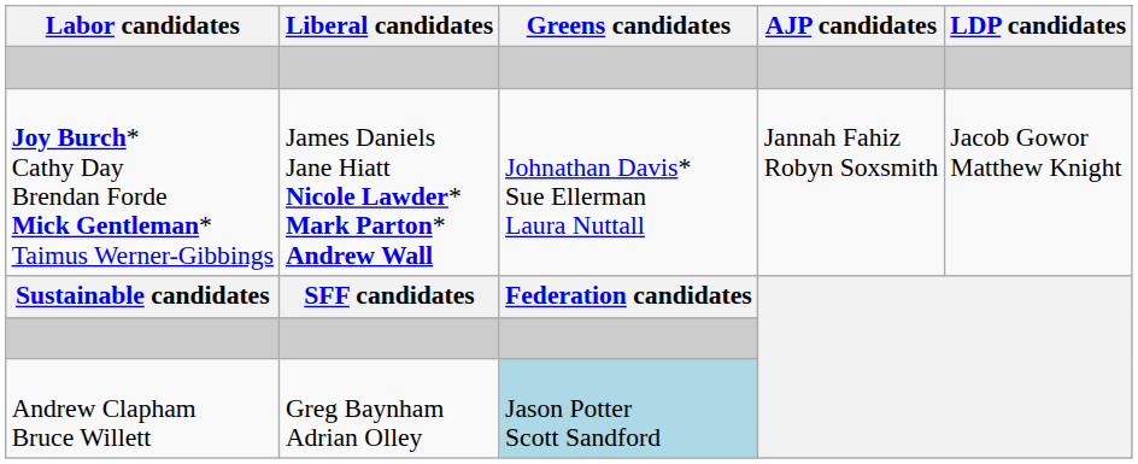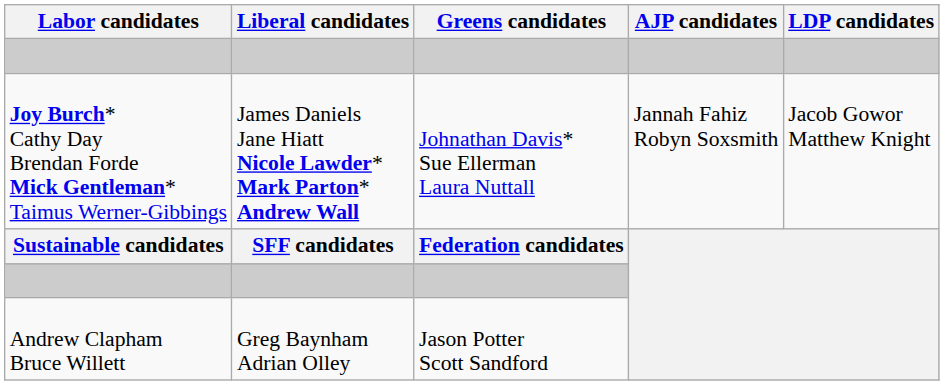 <table class="wikitable">
 <tr>
 <th><a href='#'>Labor</a> candidates</th>
 <th><a href='#'>Liberal</a> candidates</th>
 <th><a href='#'>Greens</a> candidates</th>
 <th><a href='#'>AJP</a> candidates</th>
 <th><a href='#'>LDP</a> candidates</th>
 </tr>
 <tr bgcolor="#cccccc">
 <td></td>
 <td></td>
 <td></td>
 <td></td>
 <td> </td>
 </tr>
 <tr>
 <td><br><strong><a href='#'>Joy Burch</a></strong>*<br> Cathy Day<br> Brendan Forde<br> <strong><a href='#'>Mick Gentleman</a></strong>*<br> <a href='#'>Taimus Werner-Gibbings</a></td>
 <td><br>James Daniels<br> Jane Hiatt<br> <strong><a href='#'>Nicole Lawder</a></strong>*<br> <strong><a href='#'>Mark Parton</a></strong>*<br> <strong><a href='#'>Andrew Wall</a></strong></td>
 <td><br><a href='#'>Johnathan Davis</a>*<br> Sue Ellerman<br> <a href='#'>Laura Nuttall</a></td>
 <td valign=top><br>Jannah Fahiz<br> Robyn Soxsmith</td>
 <td valign=top><br>Jacob Gowor<br> Matthew Knight</td>
 </tr>
 <tr bgcolor="#cccccc">
 <th><a href='#'>Sustainable</a> candidates</th>
 <th><a href='#'>SFF</a> candidates</th>
 <th><a href='#'>Federation</a> candidates</th>
 <th colspan=2 rowspan=3></th>
 </tr>
 <tr bgcolor="#cccccc">
 <td></td>
 <td></td>
 <td> </td>
 </tr>
 <tr>
 <td valign=top><br>Andrew Clapham<br> Bruce Willett</td>
 <td valign=top><br>Greg Baynham<br> Adrian Olley</td>
-<td valign=top style="background: lightblue;"><br>Jason Potter<br> Scott Sandford</td>
+<td valign=top><br>Jason Potter<br> Scott Sandford</td>
 </tr>
 </table>
